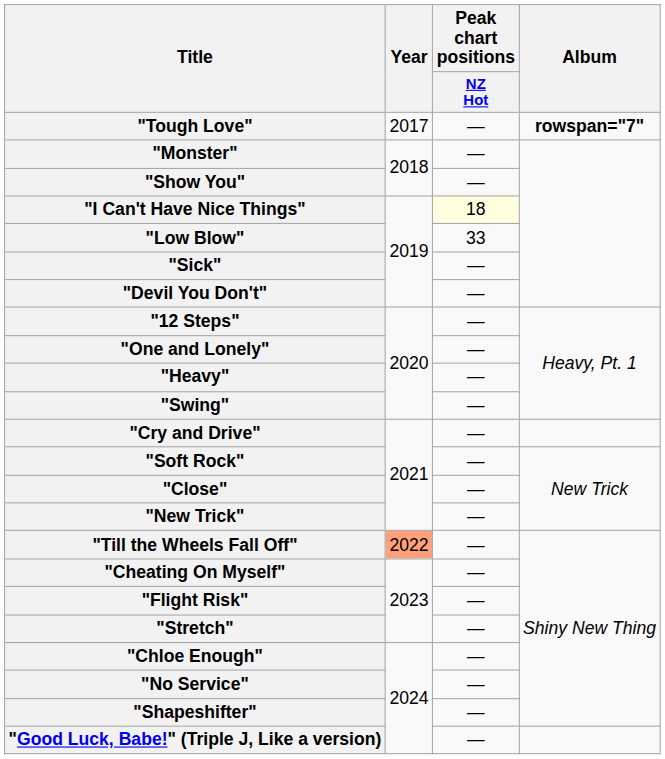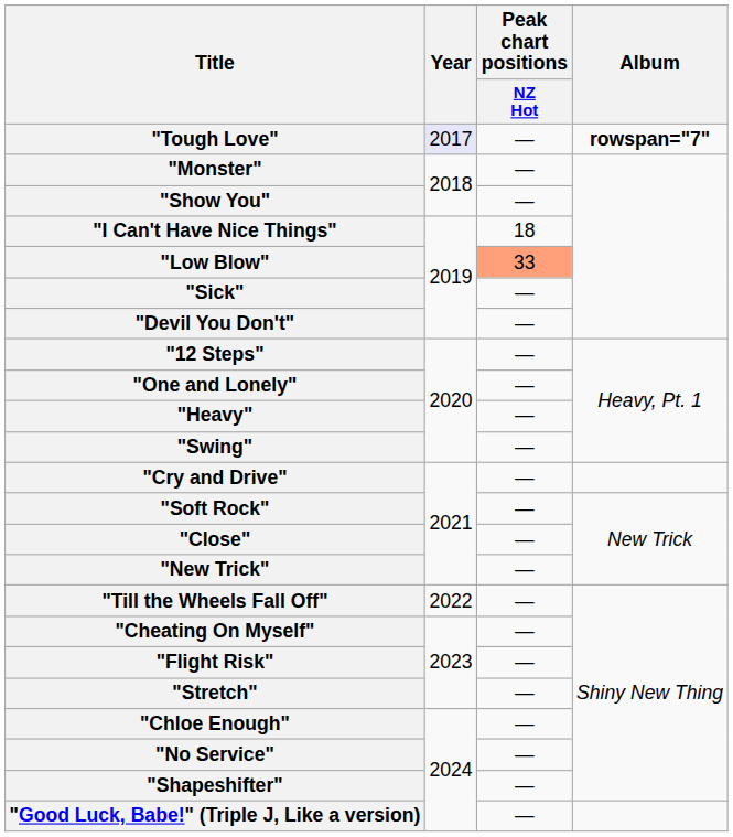 <table class="wikitable plainrowheaders" style="text-align:center;">
 <tr>
 <th scope="col" rowspan="2">Title</th>
 <th scope="col" rowspan="2">Year</th>
 <th scope="col" colspan="1">Peak chart positions</th>
 <th scope="col" rowspan="2">Album</th>
 </tr>
 <tr>
 <th scope="col" style="width:3em;font-size:85%;"><a href='#'>NZ<br>Hot</a><br></th>
 </tr>
 <tr>
 <th scope="row">"Tough Love"</th>
-<td>2017</td>
+<td style="background: lavender;">2017</td>
 <td>—</td>
 <td><strong>rowspan="7" </strong></td>
 </tr>
 <tr>
 <th scope="row">"Monster"</th>
 <td rowspan="2">2018</td>
 <td>—</td>
 </tr>
 <tr>
 <th scope="row">"Show You"</th>
 <td>—</td>
 </tr>
 <tr>
 <th scope="row">"I Can't Have Nice Things"</th>
 <td rowspan="4">2019</td>
-<td style="background: lightyellow;">18</td>
+<td>18</td>
 </tr>
 <tr>
 <th scope="row">"Low Blow"</th>
-<td>33</td>
+<td style="background: lightsalmon;">33</td>
 </tr>
 <tr>
 <th scope="row">"Sick"<br></th>
 <td>—</td>
 </tr>
 <tr>
 <th scope="row">"Devil You Don't"</th>
 <td>—</td>
 </tr>
 <tr>
 <th scope="row">"12 Steps"</th>
 <td rowspan="4">2020</td>
 <td>—</td>
 <td rowspan="4"><em>Heavy, Pt. 1</em></td>
 </tr>
 <tr>
 <th scope="row">"One and Lonely"</th>
 <td>—</td>
 </tr>
 <tr>
 <th scope="row">"Heavy"</th>
 <td>—</td>
 </tr>
 <tr>
 <th scope="row">"Swing"</th>
 <td>—</td>
 </tr>
 <tr>
 <th scope="row">"Cry and Drive"</th>
 <td rowspan="4">2021</td>
 <td>—</td>
 <td></td>
 </tr>
 <tr>
 <th scope="row">"Soft Rock"</th>
 <td>—</td>
 <td rowspan="3"><em>New Trick</em></td>
 </tr>
 <tr>
 <th scope="row">"Close"</th>
 <td>—</td>
 </tr>
 <tr>
 <th scope="row">"New Trick"</th>
 <td>—</td>
 </tr>
 <tr>
 <th scope="row">"Till the Wheels Fall Off"</th>
-<td style="background: lightsalmon;">2022</td>
+<td>2022</td>
 <td>—</td>
 <td rowspan="7"><em>Shiny New Thing</em></td>
 </tr>
 <tr>
 <th scope="row">"Cheating On Myself"</th>
 <td rowspan="3">2023</td>
 <td>—</td>
 </tr>
 <tr>
 <th scope="row">"Flight Risk"</th>
 <td>—</td>
 </tr>
 <tr>
 <th scope="row">"Stretch"</th>
 <td>—</td>
 </tr>
 <tr>
 <th scope="row">"Chloe Enough"</th>
 <td rowspan="4">2024</td>
 <td>—</td>
 </tr>
 <tr>
 <th scope="row">"No Service"</th>
 <td>—</td>
 </tr>
 <tr>
 <th scope="row">"Shapeshifter"</th>
 <td>—</td>
 </tr>
 <tr>
 <th scope="row">"<a href='#'>Good Luck, Babe!</a>" (Triple J, Like a version)</th>
 <td>—</td>
 <td></td>
 </tr>
 </table>
